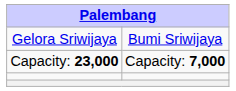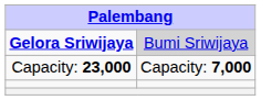 <table class="wikitable" style="margin:1em auto; text-align:center;">
 <tr>
 <th colspan=2 style = "background-color:#CCCCFF"> <a href='#'>Palembang</a></th>
 </tr>
 <tr>
-<td><a href='#'>Gelora Sriwijaya</a></td>
-<td><a href='#'>Bumi Sriwijaya</a></td>
+<td><strong><a href='#'>Gelora Sriwijaya</a></strong></td>
+<td style="background: lightgrey;"><a href='#'>Bumi Sriwijaya</a></td>
 </tr>
 <tr>
 <td>Capacity: <strong>23,000</strong></td>
 <td>Capacity: <strong>7,000</strong></td>
 </tr>
 <tr>
 <td></td>
 <td></td>
 </tr>
 <tr>
 <th colspan=3 rowspan=5 text-align="center"></th>
 </tr>
 </table>
